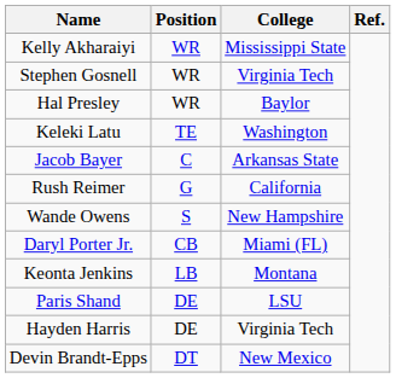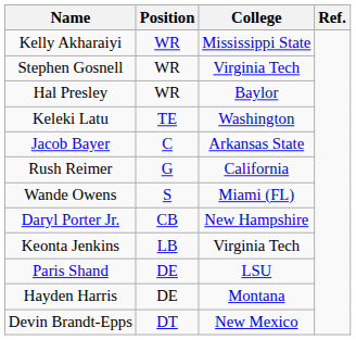 <table class="wikitable" style="text-align:center">
 <tr>
 <th>Name</th>
 <th>Position</th>
 <th>College</th>
 <th>Ref.</th>
 </tr>
 <tr>
 <td>Kelly Akharaiyi</td>
 <td><a href='#'>WR</a></td>
 <td><a href='#'>Mississippi State</a></td>
 <td rowspan="12"></td>
 </tr>
 <tr>
 <td>Stephen Gosnell</td>
 <td>WR</td>
 <td><a href='#'>Virginia Tech</a></td>
 </tr>
 <tr>
 <td>Hal Presley</td>
 <td>WR</td>
 <td><a href='#'>Baylor</a></td>
 </tr>
 <tr>
 <td>Keleki Latu</td>
 <td><a href='#'>TE</a></td>
 <td><a href='#'>Washington</a></td>
 </tr>
 <tr>
 <td><a href='#'>Jacob Bayer</a></td>
 <td><a href='#'>C</a></td>
 <td><a href='#'>Arkansas State</a></td>
 </tr>
 <tr>
 <td>Rush Reimer</td>
 <td><a href='#'>G</a></td>
 <td><a href='#'>California</a></td>
 </tr>
 <tr>
 <td>Wande Owens</td>
 <td><a href='#'>S</a></td>
-<td><a href='#'>New Hampshire</a></td>
+<td><a href='#'>Miami (FL)</a></td>
 </tr>
 <tr>
 <td><a href='#'>Daryl Porter Jr.</a></td>
 <td><a href='#'>CB</a></td>
-<td><a href='#'>Miami (FL)</a></td>
+<td><a href='#'>New Hampshire</a></td>
 </tr>
 <tr>
 <td>Keonta Jenkins</td>
 <td><a href='#'>LB</a></td>
-<td><a href='#'>Montana</a></td>
+<td>Virginia Tech</td>
 </tr>
 <tr>
 <td><a href='#'>Paris Shand</a></td>
 <td><a href='#'>DE</a></td>
 <td><a href='#'>LSU</a></td>
 </tr>
 <tr>
 <td>Hayden Harris</td>
 <td>DE</td>
-<td>Virginia Tech</td>
+<td><a href='#'>Montana</a></td>
 </tr>
 <tr>
 <td>Devin Brandt-Epps</td>
 <td><a href='#'>DT</a></td>
 <td><a href='#'>New Mexico</a></td>
 </tr>
 </table>
